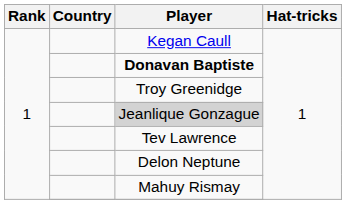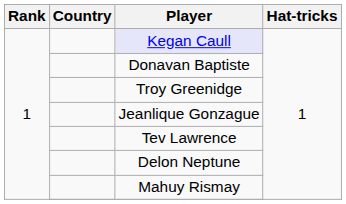 <table class="wikitable" style="text-align:center;">
 <tr>
 <th>Rank</th>
 <th>Country</th>
 <th>Player</th>
 <th>Hat-tricks</th>
 </tr>
 <tr>
 <td rowspan=10>1</td>
 <td></td>
-<td><a href='#'>Kegan Caull</a></td>
+<td style="background: lavender;"><a href='#'>Kegan Caull</a></td>
 <td rowspan=10>1</td>
 </tr>
 <tr>
 <td></td>
-<td><strong>Donavan Baptiste</strong></td>
+<td>Donavan Baptiste</td>
 </tr>
 <tr>
 <td></td>
 <td>Troy Greenidge</td>
 </tr>
 <tr>
 <td></td>
-<td style="background: lightgrey;">Jeanlique Gonzague</td>
+<td>Jeanlique Gonzague</td>
 </tr>
 <tr>
 <td></td>
 <td>Tev Lawrence</td>
 </tr>
 <tr>
 <td></td>
 <td>Delon Neptune</td>
 </tr>
 <tr>
 <td></td>
 <td>Mahuy Rismay</td>
 </tr>
 <tr>
 </tr>
 </table>
